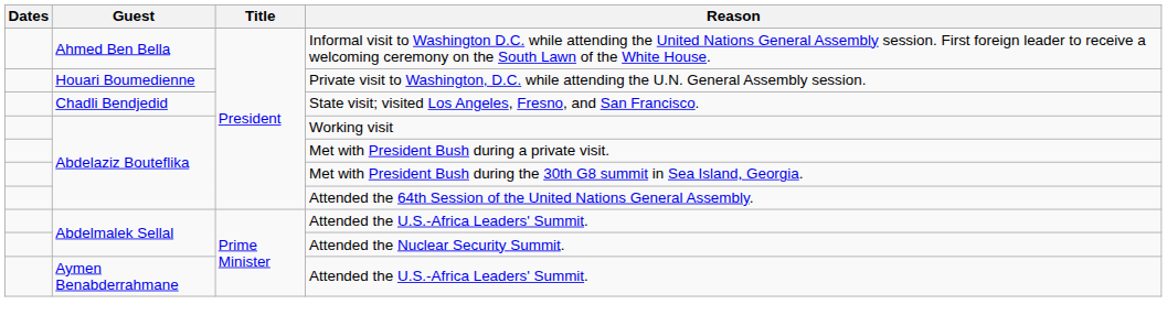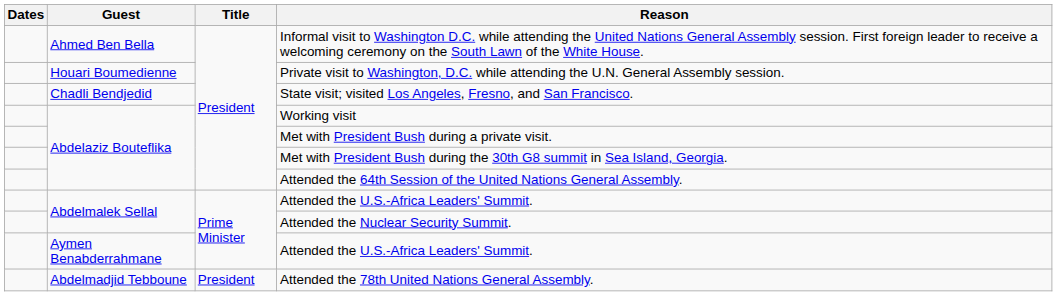 <table class="wikitable sortable">
 <tr>
 <th>Dates</th>
 <th>Guest</th>
 <th>Title</th>
 <th>Reason</th>
 </tr>
 <tr>
 <td></td>
 <td><a href='#'>Ahmed Ben Bella</a></td>
 <td rowspan=7><a href='#'>President</a></td>
 <td>Informal visit to <a href='#'>Washington D.C.</a> while attending the <a href='#'>United Nations General Assembly</a> session. First foreign leader to receive a welcoming ceremony on the <a href='#'>South Lawn</a> of the <a href='#'>White House</a>.</td>
 </tr>
 <tr>
 <td></td>
 <td><a href='#'>Houari Boumedienne</a></td>
 <td>Private visit to <a href='#'>Washington, D.C.</a> while attending the U.N. General Assembly session.</td>
 </tr>
 <tr>
 <td></td>
 <td><a href='#'>Chadli Bendjedid</a></td>
 <td>State visit; visited <a href='#'>Los Angeles</a>, <a href='#'>Fresno</a>, and <a href='#'>San Francisco</a>.</td>
 </tr>
 <tr>
 <td></td>
 <td rowspan=4><a href='#'>Abdelaziz Bouteflika</a></td>
 <td>Working visit</td>
 </tr>
 <tr>
 <td></td>
 <td>Met with <a href='#'>President Bush</a> during a private visit.</td>
 </tr>
 <tr>
 <td></td>
 <td>Met with <a href='#'>President Bush</a> during the <a href='#'>30th G8 summit</a> in <a href='#'>Sea Island, Georgia</a>.</td>
 </tr>
 <tr>
 <td></td>
 <td>Attended the <a href='#'>64th Session of the United Nations General Assembly</a>.</td>
 </tr>
 <tr>
 <td></td>
 <td rowspan=2><a href='#'>Abdelmalek Sellal</a></td>
 <td rowspan=3><a href='#'>Prime Minister</a></td>
 <td>Attended the <a href='#'>U.S.-Africa Leaders' Summit</a>.</td>
 </tr>
 <tr>
 <td></td>
 <td>Attended the <a href='#'>Nuclear Security Summit</a>.</td>
 </tr>
 <tr>
 <td></td>
 <td><a href='#'>Aymen Benabderrahmane</a></td>
 <td>Attended the <a href='#'>U.S.-Africa Leaders' Summit</a>.</td>
 </tr>
+<tr>
+<td></td>
+<td><a href='#'>Abdelmadjid Tebboune</a></td>
+<td><a href='#'>President</a></td>
+<td>Attended the <a href='#'>78th United Nations General Assembly</a>.</td>
+</tr>
 </table>
